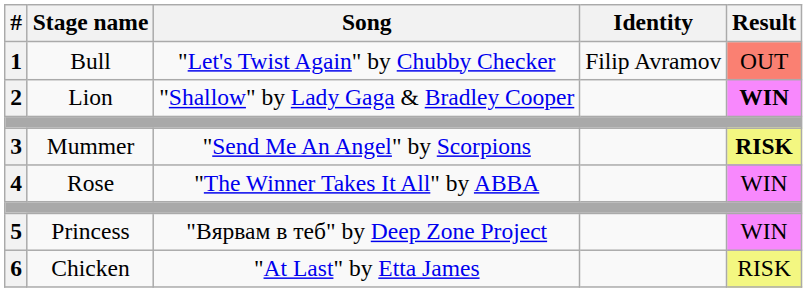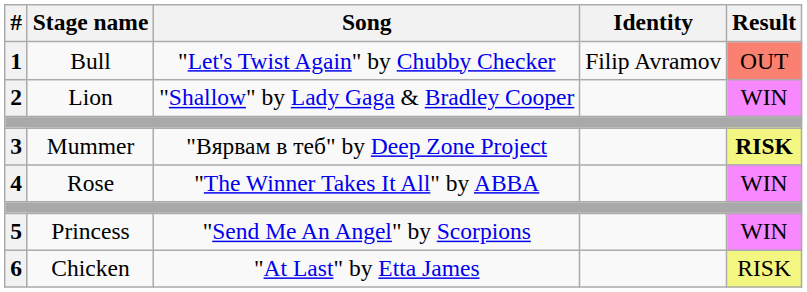 <table class="wikitable plainrowheaders" style="text-align: center;">
 <tr>
 <th>#</th>
 <th>Stage name</th>
 <th>Song</th>
 <th>Identity</th>
 <th>Result</th>
 </tr>
 <tr>
 <th>1</th>
 <td>Bull</td>
 <td>"<a href='#'>Let's Twist Again</a>" by <a href='#'>Chubby Checker</a></td>
 <td>Filip Avramov</td>
 <td bgcolor=salmon>OUT</td>
 </tr>
 <tr>
 <th>2</th>
 <td>Lion</td>
 <td>"<a href='#'>Shallow</a>" by <a href='#'>Lady Gaga</a> & <a href='#'>Bradley Cooper</a></td>
 <td></td>
-<td bgcolor="#F888FD"><strong>WIN</strong></td>
+<td bgcolor="#F888FD">WIN</td>
 </tr>
 <tr>
 <td colspan="5" style="background:darkgray"></td>
 </tr>
 <tr>
 <th>3</th>
 <td>Mummer</td>
-<td>"<a href='#'>Send Me An Angel</a>" by <a href='#'>Scorpions</a></td>
+<td>"Вярвам в теб" by <a href='#'>Deep Zone Project</a></td>
 <td></td>
 <td bgcolor="#F3F781"><strong>RISK</strong></td>
 </tr>
 <tr>
 <th>4</th>
 <td>Rose</td>
 <td>"<a href='#'>The Winner Takes It All</a>" by <a href='#'>ABBA</a></td>
 <td></td>
 <td bgcolor="#F888FD">WIN</td>
 </tr>
 <tr>
 <td colspan="5" style="background:darkgray"></td>
 </tr>
 <tr>
 <th>5</th>
 <td>Princess</td>
-<td>"Вярвам в теб" by <a href='#'>Deep Zone Project</a></td>
+<td>"<a href='#'>Send Me An Angel</a>" by <a href='#'>Scorpions</a></td>
 <td></td>
 <td bgcolor="#F888FD">WIN</td>
 </tr>
 <tr>
 <th>6</th>
 <td>Chicken</td>
 <td>"<a href='#'>At Last</a>" by <a href='#'>Etta James</a></td>
 <td></td>
 <td bgcolor="#F3F781">RISK</td>
 </tr>
 </table>
